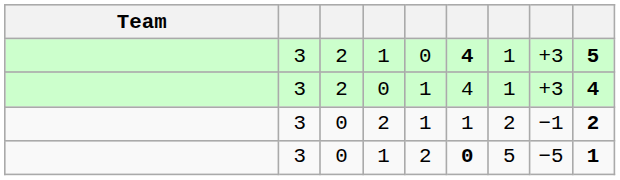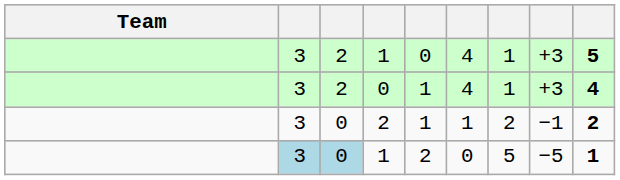 <table class="wikitable" style="text-align:center;">
 <tr>
 <th width=165>Team</th>
 <th width=20></th>
 <th width=20></th>
 <th width=20></th>
 <th width=20></th>
 <th width=20></th>
 <th width=20></th>
 <th width=20></th>
 <th width=20></th>
 </tr>
 <tr style="background:#cfc;">
 <td align="left"></td>
 <td>3</td>
 <td>2</td>
 <td>1</td>
 <td>0</td>
-<td><strong>4</strong></td>
+<td>4</td>
 <td>1</td>
 <td>+3</td>
 <td><strong>5</strong></td>
 </tr>
 <tr style="background:#cfc;">
 <td align="left"></td>
 <td>3</td>
 <td>2</td>
 <td>0</td>
 <td>1</td>
 <td>4</td>
 <td>1</td>
 <td>+3</td>
 <td><strong>4</strong></td>
 </tr>
 <tr>
 <td align="left"></td>
 <td>3</td>
 <td>0</td>
 <td>2</td>
 <td>1</td>
 <td>1</td>
 <td>2</td>
 <td>−1</td>
 <td><strong>2</strong></td>
 </tr>
 <tr>
 <td align="left"></td>
-<td>3</td>
-<td>0</td>
+<td style="background: lightblue;">3</td>
+<td style="background: lightblue;">0</td>
 <td>1</td>
 <td>2</td>
-<td><strong>0</strong></td>
+<td>0</td>
 <td>5</td>
 <td>−5</td>
 <td><strong>1</strong></td>
 </tr>
 </table>
